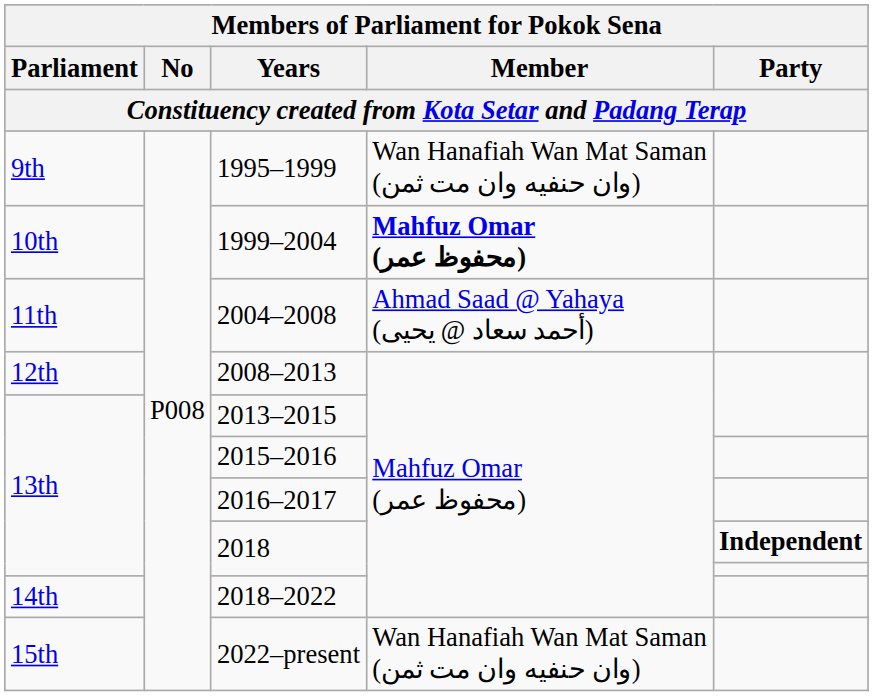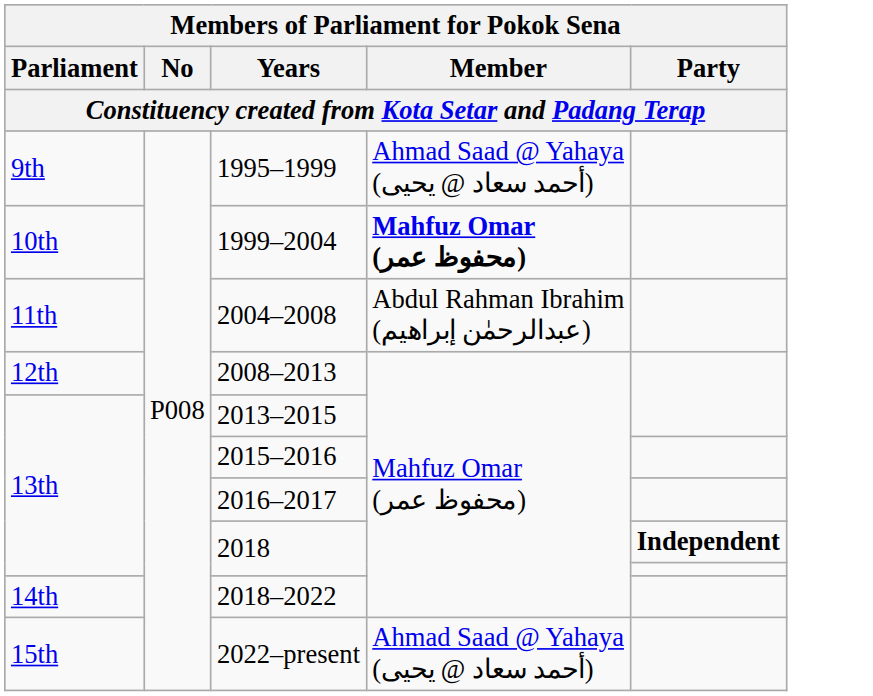 <table class=wikitable>
 <tr>
 <th colspan="5">Members of Parliament for Pokok Sena</th>
 </tr>
 <tr>
 <th>Parliament</th>
 <th>No</th>
 <th>Years</th>
 <th>Member</th>
 <th>Party</th>
 </tr>
 <tr>
 <th colspan="5" align="center"><em>Constituency created from <a href='#'>Kota Setar</a> and <a href='#'>Padang Terap</a></em></th>
 </tr>
 <tr>
 <td><a href='#'>9th</a></td>
 <td rowspan=11>P008</td>
 <td>1995–1999</td>
-<td>Wan Hanafiah Wan Mat Saman <br>(وان حنفيه وان مت ثمن)</td>
+<td><a href='#'>Ahmad Saad @ Yahaya</a>  <br>(أحمد سعاد @ يحيى)</td>
 <td></td>
 </tr>
 <tr>
 <td><a href='#'>10th</a></td>
 <td>1999–2004</td>
 <td><strong><a href='#'>Mahfuz Omar</a> <br>(محفوظ عمر)</strong></td>
 <td></td>
 </tr>
 <tr>
 <td><a href='#'>11th</a></td>
 <td>2004–2008</td>
-<td><a href='#'>Ahmad Saad @ Yahaya</a>  <br>(أحمد سعاد @ يحيى)</td>
+<td>Abdul Rahman Ibrahim  <br>(عبدالرحمٰن إبراهيم)</td>
 <td></td>
 </tr>
 <tr>
 <td><a href='#'>12th</a></td>
 <td>2008–2013</td>
 <td rowspan=7><a href='#'>Mahfuz Omar</a> <br>(محفوظ عمر)</td>
 <td rowspan="2"></td>
 </tr>
 <tr>
 <td rowspan=5><a href='#'>13th</a></td>
 <td>2013–2015</td>
 </tr>
 <tr>
 <td>2015–2016</td>
 <td></td>
 </tr>
 <tr>
 <td>2016–2017</td>
 <td></td>
 </tr>
 <tr>
 <td rowspan=2>2018</td>
 <td><strong>Independent</strong></td>
 </tr>
 <tr>
 <td></td>
 </tr>
 <tr>
 <td><a href='#'>14th</a></td>
 <td>2018–2022</td>
 <td></td>
 </tr>
 <tr>
 <td><a href='#'>15th</a></td>
 <td>2022–present</td>
-<td>Wan Hanafiah Wan Mat Saman <br>(وان حنفيه وان مت ثمن)</td>
+<td><a href='#'>Ahmad Saad @ Yahaya</a>  <br>(أحمد سعاد @ يحيى)</td>
 <td></td>
 </tr>
 </table>
